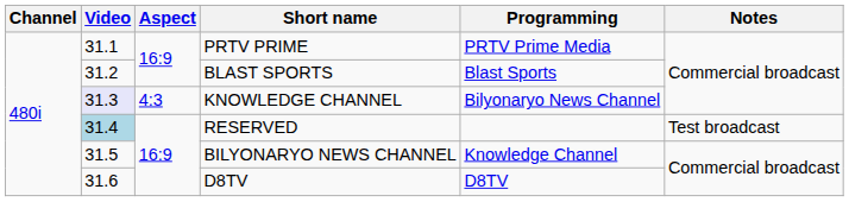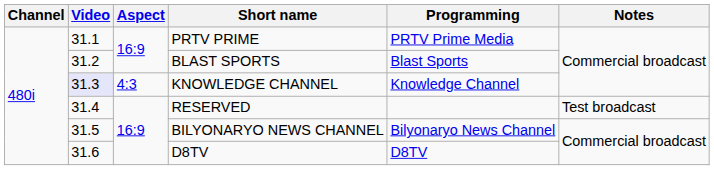 <table class="wikitable">
 <tr>
 <th>Channel</th>
 <th><a href='#'>Video</a></th>
 <th><a href='#'>Aspect</a></th>
 <th>Short name</th>
 <th>Programming</th>
 <th>Notes</th>
 </tr>
 <tr>
 <td rowspan="7"><a href='#'>480i</a></td>
 <td>31.1</td>
 <td rowspan="2"><a href='#'>16:9</a></td>
 <td>PRTV PRIME</td>
 <td><a href='#'>PRTV Prime Media</a></td>
 <td rowspan="3">Commercial broadcast</td>
 </tr>
 <tr>
 <td>31.2</td>
 <td>BLAST SPORTS</td>
 <td><a href='#'>Blast Sports</a></td>
 </tr>
 <tr>
 <td style="background: lavender;">31.3</td>
 <td><a href='#'>4:3</a></td>
 <td>KNOWLEDGE CHANNEL</td>
-<td><a href='#'>Bilyonaryo News Channel</a></td>
+<td><a href='#'>Knowledge Channel</a></td>
 </tr>
 <tr>
-<td style="background: lightblue;">31.4</td>
+<td>31.4</td>
 <td rowspan="4"><a href='#'>16:9</a></td>
 <td>RESERVED</td>
 <td></td>
 <td>Test broadcast</td>
 </tr>
 <tr>
 <td>31.5</td>
 <td>BILYONARYO NEWS CHANNEL</td>
-<td><a href='#'>Knowledge Channel</a></td>
+<td><a href='#'>Bilyonaryo News Channel</a></td>
 <td rowspan="2">Commercial broadcast</td>
 </tr>
 <tr>
 <td>31.6</td>
 <td>D8TV</td>
 <td><a href='#'>D8TV</a></td>
 </tr>
 </table>
